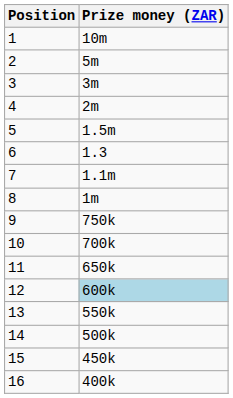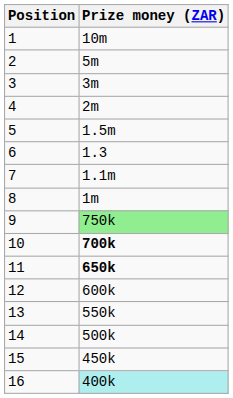 <table class="wikitable">
 <tr>
 <th>Position</th>
 <th>Prize money (<a href='#'>ZAR</a>)</th>
 </tr>
 <tr>
 <td>1</td>
 <td>10m</td>
 </tr>
 <tr>
 <td>2</td>
 <td>5m</td>
 </tr>
 <tr>
 <td>3</td>
 <td>3m</td>
 </tr>
 <tr>
 <td>4</td>
 <td>2m</td>
 </tr>
 <tr>
 <td>5</td>
 <td>1.5m</td>
 </tr>
 <tr>
 <td>6</td>
 <td>1.3</td>
 </tr>
 <tr>
 <td>7</td>
 <td>1.1m</td>
 </tr>
 <tr>
 <td>8</td>
 <td>1m</td>
 </tr>
 <tr>
 <td>9</td>
-<td>750k</td>
+<td style="background: lightgreen;">750k</td>
 </tr>
 <tr>
 <td>10</td>
-<td>700k</td>
+<td><strong>700k</strong></td>
 </tr>
 <tr>
 <td>11</td>
-<td>650k</td>
+<td><strong>650k</strong></td>
 </tr>
 <tr>
 <td>12</td>
-<td style="background: lightblue;">600k</td>
+<td>600k</td>
 </tr>
 <tr>
 <td>13</td>
 <td>550k</td>
 </tr>
 <tr>
 <td>14</td>
 <td>500k</td>
 </tr>
 <tr>
 <td>15</td>
 <td>450k</td>
 </tr>
 <tr>
 <td>16</td>
-<td>400k</td>
+<td style="background: paleturquoise;">400k</td>
 </tr>
 </table>
